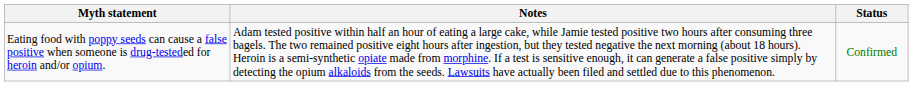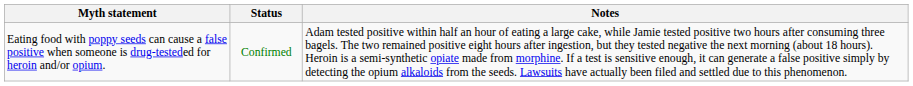 <table class="wikitable" style="width:98%;">
 <tr>
 <th style="width:25%;">Myth statement</th>
+<th style="width:8%;">Status</th>
 <th style="width:67%;">Notes</th>
-<th style="width:8%;">Status</th>
 </tr>
 <tr>
 <td>Eating food with <a href='#'>poppy seeds</a> can cause a <a href='#'>false positive</a> when someone is <a href='#'>drug-tested</a>ed for <a href='#'>heroin</a> and/or <a href='#'>opium</a>.</td>
+<td style="color:white; text-align:center; color:green;">Confirmed</td>
 <td>Adam tested positive within half an hour of eating a large cake, while Jamie tested positive two hours after consuming three bagels. The two remained positive eight hours after ingestion, but they tested negative the next morning (about 18 hours). Heroin is a semi-synthetic <a href='#'>opiate</a> made from <a href='#'>morphine</a>. If a test is sensitive enough, it can generate a false positive simply by detecting the opium <a href='#'>alkaloids</a> from the seeds. <a href='#'>Lawsuits</a> have actually been filed and settled due to this phenomenon.</td>
-<td style="color:white; text-align:center; color:green;">Confirmed</td>
 </tr>
 </table>
